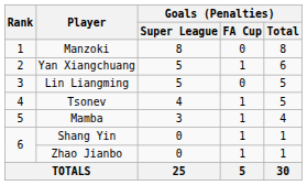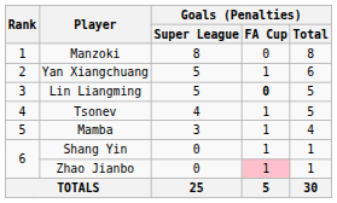 <table class="wikitable" style="text-align:center">
 <tr>
 <th rowspan="2">Rank</th>
 <th rowspan="2">Player</th>
 <th colspan="3">Goals (Penalties)</th>
 </tr>
 <tr>
 <th>Super League</th>
 <th>FA Cup</th>
 <th>Total</th>
 </tr>
 <tr>
 <td>1</td>
 <td>Manzoki</td>
 <td>8</td>
 <td>0</td>
 <td>8</td>
 </tr>
 <tr>
 <td>2</td>
 <td>Yan Xiangchuang</td>
 <td>5</td>
 <td>1</td>
 <td>6</td>
 </tr>
 <tr>
 <td>3</td>
 <td>Lin Liangming</td>
 <td>5</td>
-<td>0</td>
+<td><strong>0</strong></td>
 <td>5</td>
 </tr>
 <tr>
 <td>4</td>
 <td>Tsonev</td>
 <td>4</td>
 <td>1</td>
 <td>5</td>
 </tr>
 <tr>
 <td>5</td>
 <td>Mamba</td>
 <td>3</td>
 <td>1</td>
 <td>4</td>
 </tr>
 <tr>
 <td rowspan="2">6</td>
 <td>Shang Yin</td>
 <td>0</td>
 <td>1</td>
 <td>1</td>
 </tr>
 <tr>
 <td>Zhao Jianbo</td>
 <td>0</td>
-<td>1</td>
+<td style="background: pink;">1</td>
 <td>1</td>
 </tr>
 <tr class="sortbottom">
 <th colspan="2">TOTALS</th>
 <th>25</th>
 <th>5</th>
 <th>30</th>
 </tr>
 </table>
